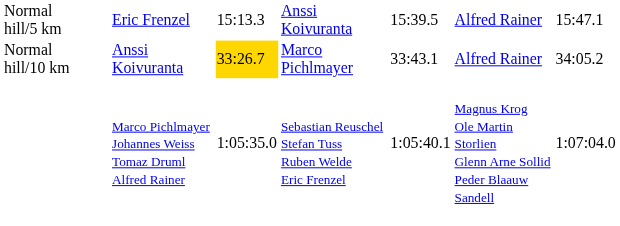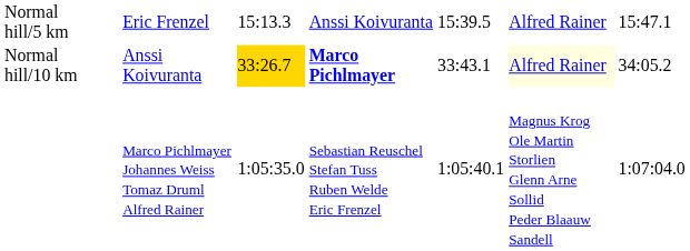 <table>
 <tr>
 <td>Normal hill/5 km</td>
 <td><a href='#'>Eric Frenzel</a><br></td>
 <td>15:13.3</td>
 <td><a href='#'>Anssi Koivuranta</a><br></td>
 <td>15:39.5</td>
 <td><a href='#'>Alfred Rainer</a><br></td>
 <td>15:47.1</td>
 </tr>
 <tr>
 <td>Normal hill/10 km</td>
 <td><a href='#'>Anssi Koivuranta</a><br></td>
 <td style="background: gold;">33:26.7</td>
-<td><a href='#'>Marco Pichlmayer</a><br></td>
+<td><strong><a href='#'>Marco Pichlmayer</a><br></strong></td>
 <td>33:43.1</td>
-<td><a href='#'>Alfred Rainer</a><br></td>
+<td style="background: lightyellow;"><a href='#'>Alfred Rainer</a><br></td>
 <td>34:05.2</td>
 </tr>
 <tr>
 <td></td>
 <td><br><small><a href='#'>Marco Pichlmayer</a><br><a href='#'>Johannes Weiss</a><br><a href='#'>Tomaz Druml</a><br><a href='#'>Alfred Rainer</a></small></td>
 <td>1:05:35.0</td>
 <td><br><small><a href='#'>Sebastian Reuschel</a><br><a href='#'>Stefan Tuss</a><br><a href='#'>Ruben Welde</a><br><a href='#'>Eric Frenzel</a></small></td>
 <td>1:05:40.1</td>
 <td><br><small><a href='#'>Magnus Krog</a><br><a href='#'>Ole Martin Storlien</a><br><a href='#'>Glenn Arne Sollid</a><br><a href='#'>Peder Blaauw Sandell</a></small></td>
 <td>1:07:04.0</td>
 </tr>
 <tr>
 </tr>
 </table>
